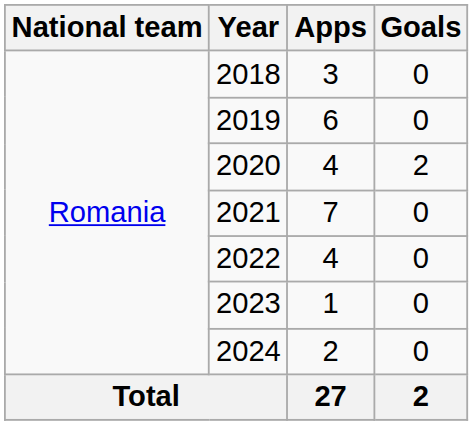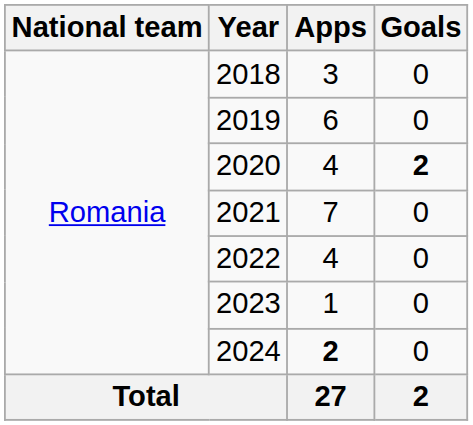 <table class="wikitable" style="text-align:center">
 <tr>
 <th>National team</th>
 <th>Year</th>
 <th>Apps</th>
 <th>Goals</th>
 </tr>
 <tr>
 <td rowspan="7"><a href='#'>Romania</a></td>
 <td>2018</td>
 <td>3</td>
 <td>0</td>
 </tr>
 <tr>
 <td>2019</td>
 <td>6</td>
 <td>0</td>
 </tr>
 <tr>
 <td>2020</td>
 <td>4</td>
-<td>2</td>
+<td><strong>2</strong></td>
 </tr>
 <tr>
 <td>2021</td>
 <td>7</td>
 <td>0</td>
 </tr>
 <tr>
 <td>2022</td>
 <td>4</td>
 <td>0</td>
 </tr>
 <tr>
 <td>2023</td>
 <td>1</td>
 <td>0</td>
 </tr>
 <tr>
 <td>2024</td>
-<td>2</td>
+<td><strong>2</strong></td>
 <td>0</td>
 </tr>
 <tr>
 <th colspan="2">Total</th>
 <th>27</th>
 <th>2</th>
 </tr>
 </table>
